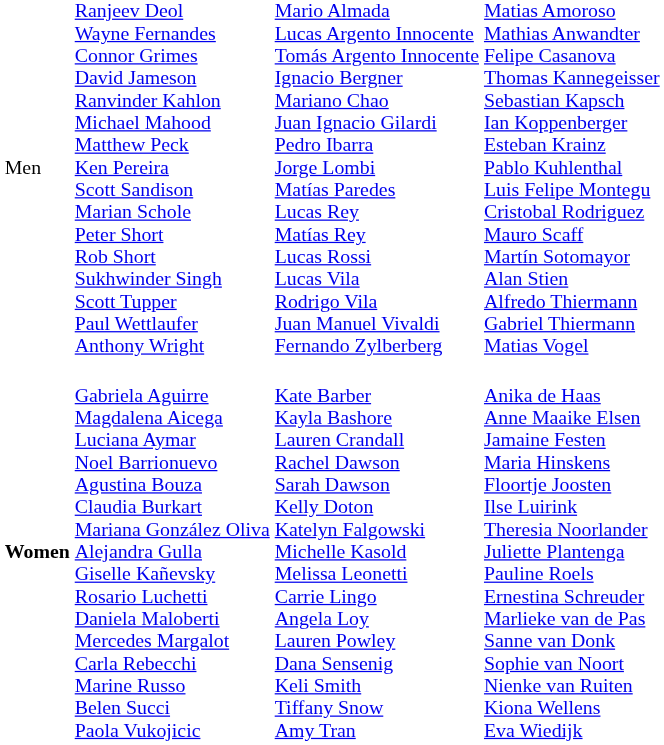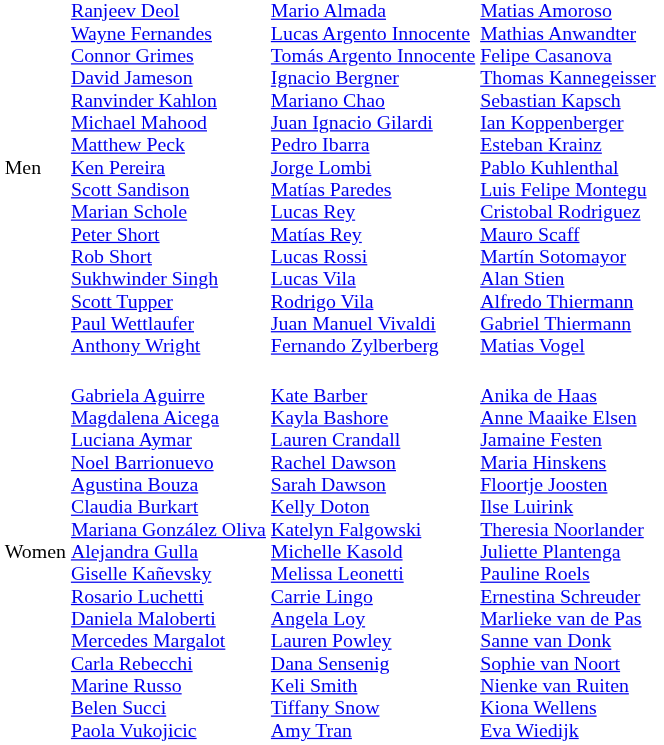 <table>
 <tr>
 <td>Men <br></td>
 <td><br><a href='#'>Ranjeev Deol</a><br><a href='#'>Wayne Fernandes</a><br><a href='#'>Connor Grimes</a><br><a href='#'>David Jameson</a><br><a href='#'>Ranvinder Kahlon</a><br><a href='#'>Michael Mahood</a><br><a href='#'>Matthew Peck</a><br><a href='#'>Ken Pereira</a><br><a href='#'>Scott Sandison</a><br><a href='#'>Marian Schole</a><br><a href='#'>Peter Short</a><br><a href='#'>Rob Short</a><br><a href='#'>Sukhwinder Singh</a><br><a href='#'>Scott Tupper</a><br><a href='#'>Paul Wettlaufer</a><br><a href='#'>Anthony Wright</a></td>
 <td><br><a href='#'>Mario Almada</a><br><a href='#'>Lucas Argento Innocente</a><br><a href='#'>Tomás Argento Innocente</a><br><a href='#'>Ignacio Bergner</a><br><a href='#'>Mariano Chao</a><br><a href='#'>Juan Ignacio Gilardi</a><br><a href='#'>Pedro Ibarra</a><br><a href='#'>Jorge Lombi</a><br><a href='#'>Matías Paredes</a><br><a href='#'>Lucas Rey</a><br><a href='#'>Matías Rey</a><br><a href='#'>Lucas Rossi</a><br><a href='#'>Lucas Vila</a><br><a href='#'>Rodrigo Vila</a><br><a href='#'>Juan Manuel Vivaldi</a><br><a href='#'>Fernando Zylberberg</a></td>
 <td><br><a href='#'>Matias Amoroso</a><br><a href='#'>Mathias Anwandter</a><br><a href='#'>Felipe Casanova</a><br><a href='#'>Thomas Kannegeisser</a><br><a href='#'>Sebastian Kapsch</a><br><a href='#'>Ian Koppenberger</a><br><a href='#'>Esteban Krainz</a><br><a href='#'>Pablo Kuhlenthal</a><br><a href='#'>Luis Felipe Montegu</a><br><a href='#'>Cristobal Rodriguez</a><br><a href='#'>Mauro Scaff</a><br><a href='#'>Martín Sotomayor</a><br><a href='#'>Alan Stien</a><br><a href='#'>Alfredo Thiermann</a><br><a href='#'>Gabriel Thiermann</a><br><a href='#'>Matias Vogel</a></td>
 </tr>
 <tr>
-<td><strong>Women <br></strong></td>
+<td>Women <br></td>
 <td><br><a href='#'>Gabriela Aguirre</a><br><a href='#'>Magdalena Aicega</a><br><a href='#'>Luciana Aymar</a><br><a href='#'>Noel Barrionuevo</a><br><a href='#'>Agustina Bouza</a><br><a href='#'>Claudia Burkart</a><br><a href='#'>Mariana González Oliva</a><br><a href='#'>Alejandra Gulla</a><br><a href='#'>Giselle Kañevsky</a><br><a href='#'>Rosario Luchetti</a><br><a href='#'>Daniela Maloberti</a><br><a href='#'>Mercedes Margalot</a><br><a href='#'>Carla Rebecchi</a><br><a href='#'>Marine Russo</a><br><a href='#'>Belen Succi</a><br><a href='#'>Paola Vukojicic</a></td>
 <td><br><a href='#'>Kate Barber</a><br><a href='#'>Kayla Bashore</a><br><a href='#'>Lauren Crandall</a><br><a href='#'>Rachel Dawson</a><br><a href='#'>Sarah Dawson</a><br><a href='#'>Kelly Doton</a><br><a href='#'>Katelyn Falgowski</a><br><a href='#'>Michelle Kasold</a><br><a href='#'>Melissa Leonetti</a><br><a href='#'>Carrie Lingo</a><br><a href='#'>Angela Loy</a><br><a href='#'>Lauren Powley</a><br><a href='#'>Dana Sensenig</a><br><a href='#'>Keli Smith</a><br><a href='#'>Tiffany Snow</a><br><a href='#'>Amy Tran</a></td>
 <td><br><a href='#'>Anika de Haas</a><br><a href='#'>Anne Maaike Elsen</a><br><a href='#'>Jamaine Festen</a><br><a href='#'>Maria Hinskens</a><br><a href='#'>Floortje Joosten</a><br><a href='#'>Ilse Luirink</a><br><a href='#'>Theresia Noorlander</a><br><a href='#'>Juliette Plantenga</a><br><a href='#'>Pauline Roels</a><br><a href='#'>Ernestina Schreuder</a><br><a href='#'>Marlieke van de Pas</a><br><a href='#'>Sanne van Donk</a><br><a href='#'>Sophie van Noort</a><br><a href='#'>Nienke van Ruiten</a><br><a href='#'>Kiona Wellens</a><br><a href='#'>Eva Wiedijk</a></td>
 </tr>
 </table>
